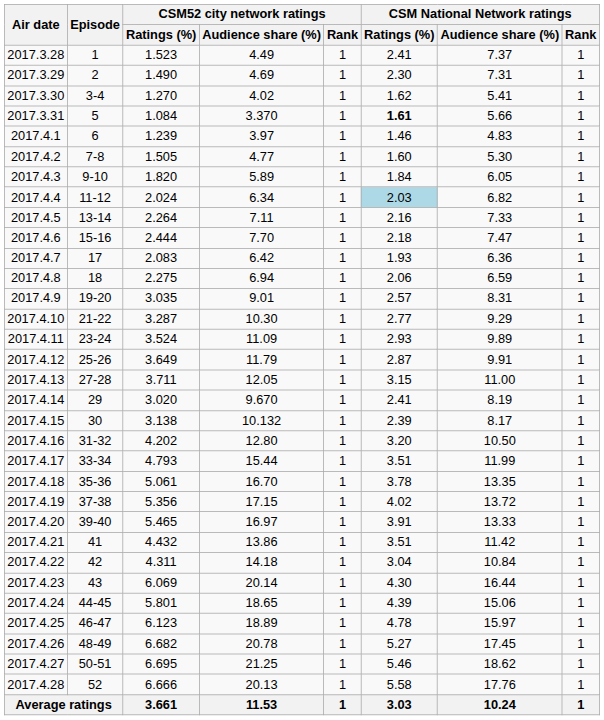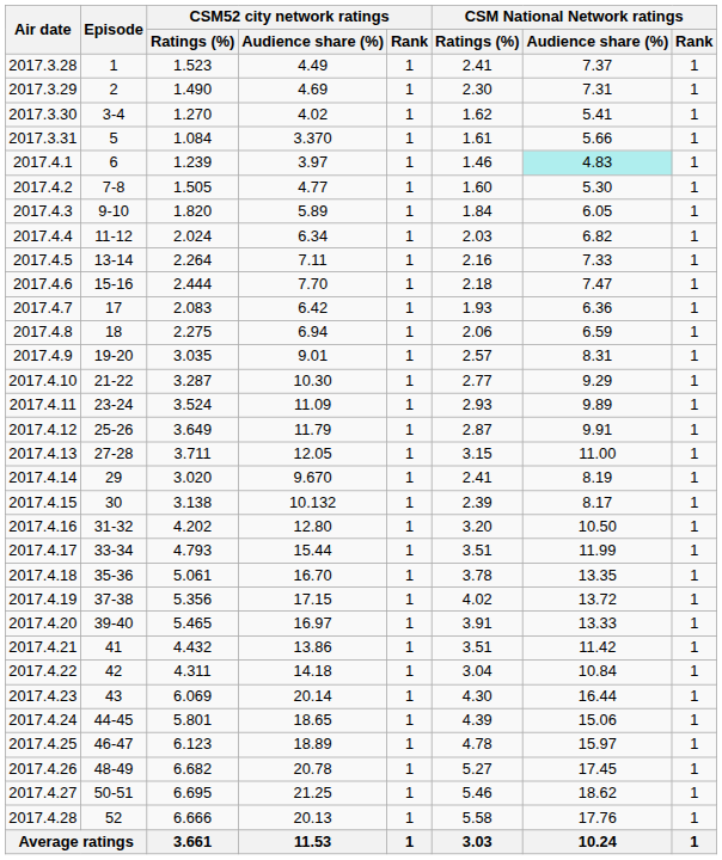 <table class="wikitable sortable mw-collapsible jquery-tablesorter" style="text-align:center">
 <tr>
 <th rowspan="2">Air date</th>
 <th rowspan="2">Episode</th>
 <th colspan="3">CSM52 city network ratings</th>
 <th colspan="3">CSM National Network ratings</th>
 </tr>
 <tr>
 <th colspan="1" rowspan="1">Ratings (%)</th>
 <th colspan="1" rowspan="1">Audience share (%)</th>
 <th colspan="1" rowspan="1">Rank</th>
 <th colspan="1" rowspan="1">Ratings (%)</th>
 <th colspan="1" rowspan="1">Audience share (%)</th>
 <th colspan="1" rowspan="1">Rank</th>
 </tr>
 <tr>
 <td>2017.3.28</td>
 <td>1</td>
 <td>1.523</td>
 <td>4.49</td>
 <td>1</td>
 <td>2.41</td>
 <td>7.37</td>
 <td>1</td>
 </tr>
 <tr>
 <td>2017.3.29</td>
 <td>2</td>
 <td>1.490</td>
 <td>4.69</td>
 <td>1</td>
 <td>2.30</td>
 <td>7.31</td>
 <td>1</td>
 </tr>
 <tr>
 <td>2017.3.30</td>
 <td>3-4</td>
 <td>1.270</td>
 <td>4.02</td>
 <td>1</td>
 <td>1.62</td>
 <td>5.41</td>
 <td>1</td>
 </tr>
 <tr>
 <td>2017.3.31</td>
 <td>5</td>
 <td>1.084</td>
 <td>3.370</td>
 <td>1</td>
-<td><strong>1.61</strong></td>
+<td>1.61</td>
 <td>5.66</td>
 <td>1</td>
 </tr>
 <tr>
 <td>2017.4.1</td>
 <td>6</td>
 <td>1.239</td>
 <td>3.97</td>
 <td>1</td>
 <td>1.46</td>
-<td>4.83</td>
+<td style="background: paleturquoise;">4.83</td>
 <td>1</td>
 </tr>
 <tr>
 <td>2017.4.2</td>
 <td>7-8</td>
 <td>1.505</td>
 <td>4.77</td>
 <td>1</td>
 <td>1.60</td>
 <td>5.30</td>
 <td>1</td>
 </tr>
 <tr>
 <td>2017.4.3</td>
 <td>9-10</td>
 <td>1.820</td>
 <td>5.89</td>
 <td>1</td>
 <td>1.84</td>
 <td>6.05</td>
 <td>1</td>
 </tr>
 <tr>
 <td>2017.4.4</td>
 <td>11-12</td>
 <td>2.024</td>
 <td>6.34</td>
 <td>1</td>
-<td style="background: lightblue;">2.03</td>
+<td>2.03</td>
 <td>6.82</td>
 <td>1</td>
 </tr>
 <tr>
 <td>2017.4.5</td>
 <td>13-14</td>
 <td>2.264</td>
 <td>7.11</td>
 <td>1</td>
 <td>2.16</td>
 <td>7.33</td>
 <td>1</td>
 </tr>
 <tr>
 <td>2017.4.6</td>
 <td>15-16</td>
 <td>2.444</td>
 <td>7.70</td>
 <td>1</td>
 <td>2.18</td>
 <td>7.47</td>
 <td>1</td>
 </tr>
 <tr>
 <td>2017.4.7</td>
 <td>17</td>
 <td>2.083</td>
 <td>6.42</td>
 <td>1</td>
 <td>1.93</td>
 <td>6.36</td>
 <td>1</td>
 </tr>
 <tr>
 <td>2017.4.8</td>
 <td>18</td>
 <td>2.275</td>
 <td>6.94</td>
 <td>1</td>
 <td>2.06</td>
 <td>6.59</td>
 <td>1</td>
 </tr>
 <tr>
 <td>2017.4.9</td>
 <td>19-20</td>
 <td>3.035</td>
 <td>9.01</td>
 <td>1</td>
 <td>2.57</td>
 <td>8.31</td>
 <td>1</td>
 </tr>
 <tr>
 <td>2017.4.10</td>
 <td>21-22</td>
 <td>3.287</td>
 <td>10.30</td>
 <td>1</td>
 <td>2.77</td>
 <td>9.29</td>
 <td>1</td>
 </tr>
 <tr>
 <td>2017.4.11</td>
 <td>23-24</td>
 <td>3.524</td>
 <td>11.09</td>
 <td>1</td>
 <td>2.93</td>
 <td>9.89</td>
 <td>1</td>
 </tr>
 <tr>
 <td>2017.4.12</td>
 <td>25-26</td>
 <td>3.649</td>
 <td>11.79</td>
 <td>1</td>
 <td>2.87</td>
 <td>9.91</td>
 <td>1</td>
 </tr>
 <tr>
 <td>2017.4.13</td>
 <td>27-28</td>
 <td>3.711</td>
 <td>12.05</td>
 <td>1</td>
 <td>3.15</td>
 <td>11.00</td>
 <td>1</td>
 </tr>
 <tr>
 <td>2017.4.14</td>
 <td>29</td>
 <td>3.020</td>
 <td>9.670</td>
 <td>1</td>
 <td>2.41</td>
 <td>8.19</td>
 <td>1</td>
 </tr>
 <tr>
 <td>2017.4.15</td>
 <td>30</td>
 <td>3.138</td>
 <td>10.132</td>
 <td>1</td>
 <td>2.39</td>
 <td>8.17</td>
 <td>1</td>
 </tr>
 <tr>
 <td>2017.4.16</td>
 <td>31-32</td>
 <td>4.202</td>
 <td>12.80</td>
 <td>1</td>
 <td>3.20</td>
 <td>10.50</td>
 <td>1</td>
 </tr>
 <tr>
 <td>2017.4.17</td>
 <td>33-34</td>
 <td>4.793</td>
 <td>15.44</td>
 <td>1</td>
 <td>3.51</td>
 <td>11.99</td>
 <td>1</td>
 </tr>
 <tr>
 <td>2017.4.18</td>
 <td>35-36</td>
 <td>5.061</td>
 <td>16.70</td>
 <td>1</td>
 <td>3.78</td>
 <td>13.35</td>
 <td>1</td>
 </tr>
 <tr>
 <td>2017.4.19</td>
 <td>37-38</td>
 <td>5.356</td>
 <td>17.15</td>
 <td>1</td>
 <td>4.02</td>
 <td>13.72</td>
 <td>1</td>
 </tr>
 <tr>
 <td>2017.4.20</td>
 <td>39-40</td>
 <td>5.465</td>
 <td>16.97</td>
 <td>1</td>
 <td>3.91</td>
 <td>13.33</td>
 <td>1</td>
 </tr>
 <tr>
 <td>2017.4.21</td>
 <td>41</td>
 <td>4.432</td>
 <td>13.86</td>
 <td>1</td>
 <td>3.51</td>
 <td>11.42</td>
 <td>1</td>
 </tr>
 <tr>
 <td>2017.4.22</td>
 <td>42</td>
 <td>4.311</td>
 <td>14.18</td>
 <td>1</td>
 <td>3.04</td>
 <td>10.84</td>
 <td>1</td>
 </tr>
 <tr>
 <td>2017.4.23</td>
 <td>43</td>
 <td>6.069</td>
 <td>20.14</td>
 <td>1</td>
 <td>4.30</td>
 <td>16.44</td>
 <td>1</td>
 </tr>
 <tr>
 <td>2017.4.24</td>
 <td>44-45</td>
 <td>5.801</td>
 <td>18.65</td>
 <td>1</td>
 <td>4.39</td>
 <td>15.06</td>
 <td>1</td>
 </tr>
 <tr>
 <td>2017.4.25</td>
 <td>46-47</td>
 <td>6.123</td>
 <td>18.89</td>
 <td>1</td>
 <td>4.78</td>
 <td>15.97</td>
 <td>1</td>
 </tr>
 <tr>
 <td>2017.4.26</td>
 <td>48-49</td>
 <td>6.682</td>
 <td>20.78</td>
 <td>1</td>
 <td>5.27</td>
 <td>17.45</td>
 <td>1</td>
 </tr>
 <tr>
 <td>2017.4.27</td>
 <td>50-51</td>
 <td>6.695</td>
 <td>21.25</td>
 <td>1</td>
 <td>5.46</td>
 <td>18.62</td>
 <td>1</td>
 </tr>
 <tr>
 <td>2017.4.28</td>
 <td>52</td>
 <td>6.666</td>
 <td>20.13</td>
 <td>1</td>
 <td>5.58</td>
 <td>17.76</td>
 <td>1</td>
 </tr>
 <tr>
 <th colspan="2" rowspan="1">Average ratings</th>
 <th colspan="1" rowspan="1">3.661</th>
 <th colspan="1" rowspan="1">11.53</th>
 <th colspan="1" rowspan="1">1</th>
 <th colspan="1" rowspan="1">3.03</th>
 <th colspan="1" rowspan="1">10.24</th>
 <th colspan="1" rowspan="1">1</th>
 </tr>
 </table>
